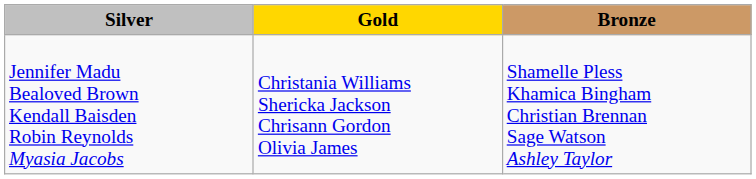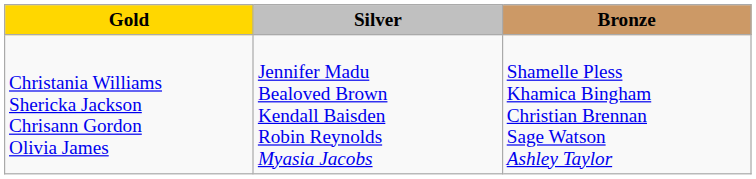 <table class="wikitable" style="text-align:left">
 <tr align="center">
+<td width=200 bgcolor=gold><strong>Gold</strong></td>
 <td width=200 bgcolor=silver><strong>Silver</strong></td>
-<td width=200 bgcolor=gold><strong>Gold</strong></td>
 <td width=200 bgcolor=CC9966><strong>Bronze</strong></td>
 </tr>
 <tr>
+<td><br><a href='#'>Christania Williams</a><br><a href='#'>Shericka Jackson</a><br><a href='#'>Chrisann Gordon</a><br><a href='#'>Olivia James</a></td>
 <td><br><a href='#'>Jennifer Madu</a><br><a href='#'>Bealoved Brown</a><br><a href='#'>Kendall Baisden</a><br><a href='#'>Robin Reynolds</a><br><em><a href='#'>Myasia Jacobs</a></em></td>
-<td><br><a href='#'>Christania Williams</a><br><a href='#'>Shericka Jackson</a><br><a href='#'>Chrisann Gordon</a><br><a href='#'>Olivia James</a></td>
 <td><br><a href='#'>Shamelle Pless</a><br><a href='#'>Khamica Bingham</a><br><a href='#'>Christian Brennan</a><br><a href='#'>Sage Watson</a><br><em><a href='#'>Ashley Taylor</a></em></td>
 </tr>
 </table>
